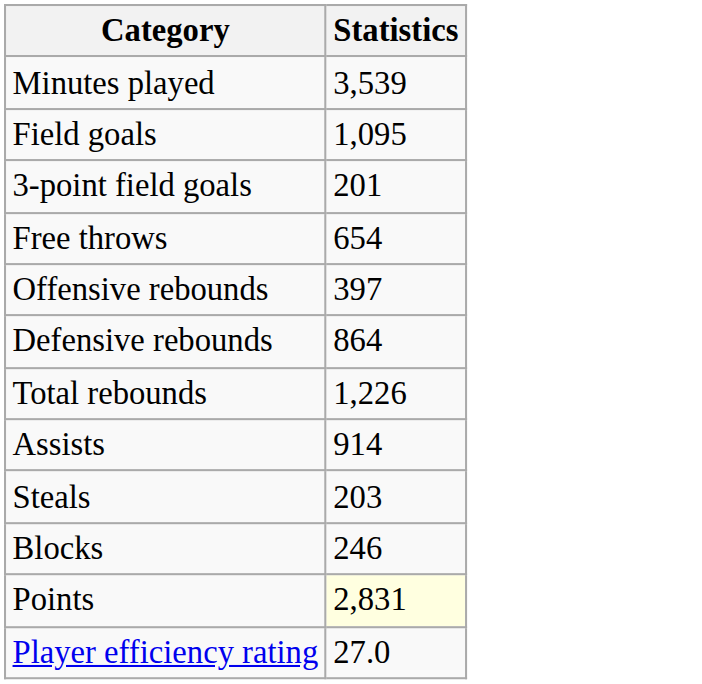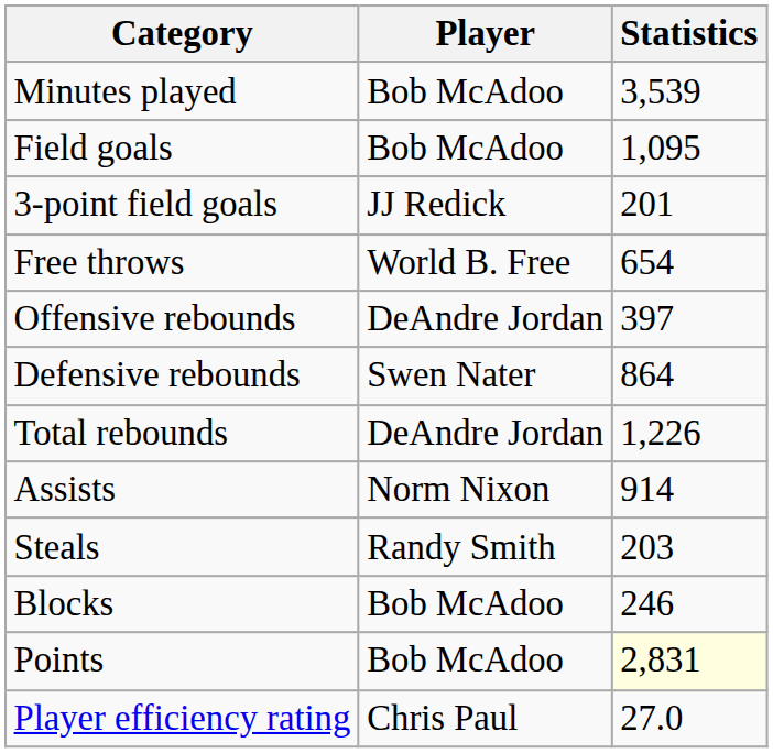 <table class="wikitable">
 <tr>
 <th>Category</th>
+<th>Player</th>
 <th>Statistics</th>
 </tr>
 <tr>
 <td>Minutes played</td>
+<td>Bob McAdoo</td>
 <td>3,539</td>
 </tr>
 <tr>
 <td>Field goals</td>
+<td>Bob McAdoo</td>
 <td>1,095</td>
 </tr>
 <tr>
 <td>3-point field goals</td>
+<td>JJ Redick</td>
 <td>201</td>
 </tr>
 <tr>
 <td>Free throws</td>
+<td>World B. Free</td>
 <td>654</td>
 </tr>
 <tr>
 <td>Offensive rebounds</td>
+<td>DeAndre Jordan</td>
 <td>397</td>
 </tr>
 <tr>
 <td>Defensive rebounds</td>
+<td>Swen Nater</td>
 <td>864</td>
 </tr>
 <tr>
 <td>Total rebounds</td>
+<td>DeAndre Jordan</td>
 <td>1,226</td>
 </tr>
 <tr>
 <td>Assists</td>
+<td>Norm Nixon</td>
 <td>914</td>
 </tr>
 <tr>
 <td>Steals</td>
+<td>Randy Smith</td>
 <td>203</td>
 </tr>
 <tr>
 <td>Blocks</td>
+<td>Bob McAdoo</td>
 <td>246</td>
 </tr>
 <tr>
 <td>Points</td>
+<td>Bob McAdoo</td>
 <td style="background: lightyellow;">2,831</td>
 </tr>
 <tr>
 <td><a href='#'>Player efficiency rating</a></td>
+<td>Chris Paul</td>
 <td>27.0</td>
 </tr>
 </table>
